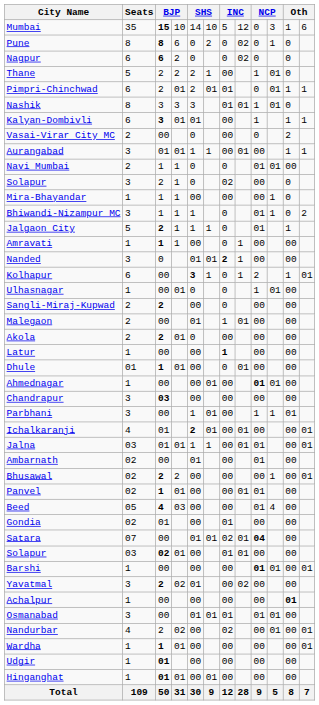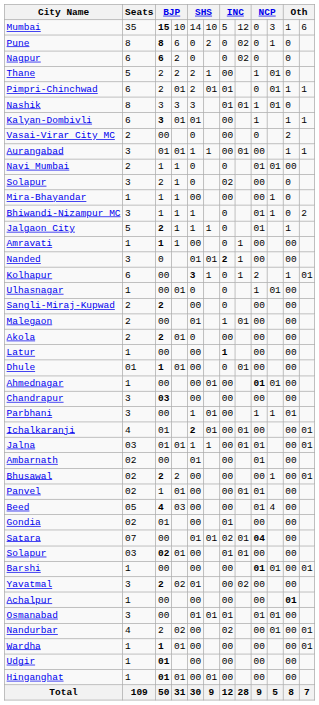 <table class="wikitable sortable">
 <tr>
 <th>City Name</th>
 <th>Seats</th>
 <th colspan="2"><a href='#'>BJP</a></th>
 <th colspan="2"><a href='#'>SHS</a></th>
 <th colspan="2"><a href='#'>INC</a></th>
 <th colspan="2"><a href='#'>NCP</a></th>
 <th colspan="2">Oth</th>
 </tr>
 <tr>
 <td><a href='#'>Mumbai</a></td>
 <td>35</td>
 <td><strong>15</strong></td>
 <td> 10</td>
 <td>14</td>
 <td> 10</td>
 <td>5</td>
 <td> 12</td>
 <td>0</td>
 <td> 3</td>
 <td>1</td>
 <td> 6</td>
 </tr>
 <tr>
 <td><a href='#'>Pune</a></td>
 <td>8</td>
 <td><strong>8</strong></td>
 <td> 6</td>
 <td>0</td>
 <td> 2</td>
 <td>0</td>
 <td> 02</td>
 <td>0</td>
 <td> 1</td>
 <td>0</td>
 <td></td>
 </tr>
 <tr>
 <td><a href='#'>Nagpur</a></td>
 <td>6</td>
 <td><strong>6</strong></td>
 <td> 2</td>
 <td>0</td>
 <td></td>
 <td>0</td>
 <td> 02</td>
 <td>0</td>
 <td></td>
 <td>0</td>
 <td></td>
 </tr>
 <tr>
 <td><a href='#'>Thane</a></td>
 <td>5</td>
 <td>2</td>
 <td> 2</td>
 <td>2</td>
 <td> 1</td>
 <td>00</td>
 <td></td>
 <td>1</td>
 <td> 01</td>
 <td>0</td>
 <td></td>
 </tr>
 <tr>
 <td><a href='#'>Pimpri-Chinchwad</a></td>
 <td>6</td>
 <td>2</td>
 <td> 01</td>
 <td>2</td>
 <td> 01</td>
 <td>01</td>
 <td></td>
 <td>0</td>
 <td> 01</td>
 <td>1</td>
 <td> 1</td>
 </tr>
 <tr>
 <td><a href='#'>Nashik</a></td>
 <td>8</td>
 <td>3</td>
 <td> 3</td>
 <td>3</td>
 <td></td>
 <td>01</td>
 <td> 01</td>
 <td>1</td>
 <td> 01</td>
 <td>0</td>
 <td></td>
 </tr>
 <tr>
 <td><a href='#'>Kalyan-Dombivli</a></td>
 <td>6</td>
 <td><strong>3</strong></td>
 <td> 01</td>
 <td>01</td>
 <td></td>
 <td>00</td>
 <td></td>
 <td>1</td>
 <td></td>
 <td>1</td>
 <td> 1</td>
 </tr>
 <tr>
 <td><a href='#'>Vasai-Virar City MC</a></td>
 <td>2</td>
 <td>00</td>
 <td></td>
 <td>0</td>
 <td></td>
 <td>00</td>
 <td></td>
 <td>0</td>
 <td></td>
 <td>2</td>
 <td></td>
 </tr>
 <tr>
 <td><a href='#'>Aurangabad</a></td>
 <td>3</td>
 <td>01</td>
 <td> 01</td>
 <td>1</td>
 <td> 1</td>
 <td>00</td>
 <td> 01</td>
 <td>00</td>
 <td></td>
 <td>1</td>
 <td> 1</td>
 </tr>
 <tr>
 <td><a href='#'>Navi Mumbai</a></td>
 <td>2</td>
 <td>1</td>
 <td> 1</td>
 <td>0</td>
 <td></td>
 <td>0</td>
 <td></td>
 <td>01</td>
 <td> 01</td>
 <td>00</td>
 <td></td>
 </tr>
 <tr>
 <td><a href='#'>Solapur</a></td>
 <td>3</td>
 <td>2</td>
 <td> 1</td>
 <td>0</td>
 <td></td>
 <td>02</td>
 <td></td>
 <td>00</td>
 <td></td>
 <td>0</td>
 <td></td>
 </tr>
 <tr>
 <td><a href='#'>Mira-Bhayandar</a></td>
 <td>1</td>
 <td>1</td>
 <td> 1</td>
 <td>00</td>
 <td></td>
 <td>00</td>
 <td></td>
 <td>00</td>
 <td> 1</td>
 <td>0</td>
 <td></td>
 </tr>
 <tr>
 <td><a href='#'>Bhiwandi-Nizampur MC</a></td>
 <td>3</td>
 <td>1</td>
 <td> 1</td>
 <td>1</td>
 <td></td>
 <td>0</td>
 <td></td>
 <td>01</td>
 <td> 1</td>
 <td>0</td>
 <td> 2</td>
 </tr>
 <tr>
 <td><a href='#'>Jalgaon City</a></td>
 <td>5</td>
 <td><strong>2</strong></td>
 <td> 1</td>
 <td>1</td>
 <td> 1</td>
 <td>0</td>
 <td></td>
 <td>01</td>
 <td></td>
 <td>1</td>
 <td></td>
 </tr>
 <tr>
 <td><a href='#'>Amravati</a></td>
 <td>1</td>
 <td><strong>1</strong></td>
 <td> 1</td>
 <td>00</td>
 <td></td>
 <td>0</td>
 <td> 1</td>
 <td>00</td>
 <td></td>
 <td>00</td>
 <td></td>
 </tr>
 <tr>
 <td><a href='#'>Nanded</a></td>
 <td>3</td>
 <td>0</td>
 <td></td>
 <td>01</td>
 <td> 01</td>
 <td><strong>2</strong></td>
 <td> 1</td>
 <td>00</td>
 <td></td>
 <td>00</td>
 <td></td>
 </tr>
 <tr>
 <td><a href='#'>Kolhapur</a></td>
 <td>6</td>
 <td>00</td>
 <td></td>
 <td><strong>3</strong></td>
 <td> 1</td>
 <td>0</td>
 <td> 1</td>
 <td>2</td>
 <td></td>
 <td>1</td>
 <td> 01</td>
 </tr>
 <tr>
 <td><a href='#'>Ulhasnagar</a></td>
 <td>1</td>
 <td>00</td>
 <td> 01</td>
 <td>0</td>
 <td></td>
 <td>0</td>
 <td></td>
 <td>1</td>
 <td> 01</td>
 <td>00</td>
 <td></td>
 </tr>
 <tr>
 <td><a href='#'>Sangli-Miraj-Kupwad</a></td>
 <td>2</td>
 <td><strong>2</strong></td>
 <td></td>
 <td>00</td>
 <td></td>
 <td>0</td>
 <td></td>
 <td>00</td>
 <td></td>
 <td>00</td>
 <td></td>
 </tr>
 <tr>
 <td><a href='#'>Malegaon</a></td>
 <td>2</td>
 <td>00</td>
 <td></td>
 <td>01</td>
 <td></td>
 <td>1</td>
 <td> 01</td>
 <td>00</td>
 <td></td>
 <td>00</td>
 <td></td>
 </tr>
 <tr>
 <td><a href='#'>Akola</a></td>
 <td>2</td>
 <td><strong>2</strong></td>
 <td> 01</td>
 <td>0</td>
 <td></td>
 <td>00</td>
 <td></td>
 <td>00</td>
 <td></td>
 <td>00</td>
 <td></td>
 </tr>
 <tr>
 <td><a href='#'>Latur</a></td>
 <td>1</td>
 <td>00</td>
 <td></td>
 <td>00</td>
 <td></td>
 <td><strong>1</strong></td>
 <td></td>
 <td>00</td>
 <td></td>
 <td>00</td>
 <td></td>
 </tr>
 <tr>
 <td><a href='#'>Dhule</a></td>
 <td>01</td>
 <td><strong>1</strong></td>
 <td> 01</td>
 <td>00</td>
 <td></td>
 <td>0</td>
 <td> 01</td>
 <td>00</td>
 <td></td>
 <td>00</td>
 <td></td>
 </tr>
 <tr>
 <td><a href='#'>Ahmednagar</a></td>
 <td>1</td>
 <td>00</td>
 <td></td>
 <td>00</td>
 <td> 01</td>
 <td>00</td>
 <td></td>
 <td><strong>01</strong></td>
 <td> 01</td>
 <td>00</td>
 <td></td>
 </tr>
 <tr>
 <td><a href='#'>Chandrapur</a></td>
 <td>3</td>
 <td><strong>03</strong></td>
 <td></td>
 <td>00</td>
 <td></td>
 <td>00</td>
 <td></td>
 <td>00</td>
 <td></td>
 <td>00</td>
 <td></td>
 </tr>
 <tr>
 <td><a href='#'>Parbhani</a></td>
 <td>3</td>
 <td>00</td>
 <td></td>
 <td>1</td>
 <td> 01</td>
 <td>00</td>
 <td></td>
 <td>1</td>
 <td> 1</td>
 <td>01</td>
 <td></td>
 </tr>
 <tr>
 <td><a href='#'>Ichalkaranji</a></td>
 <td>4</td>
 <td>01</td>
 <td></td>
 <td><strong>2</strong></td>
 <td> 01</td>
 <td>00</td>
 <td> 01</td>
 <td>00</td>
 <td></td>
 <td>00</td>
 <td> 01</td>
 </tr>
 <tr>
 <td><a href='#'>Jalna</a></td>
 <td>03</td>
 <td>01</td>
 <td> 01</td>
 <td>1</td>
 <td> 1</td>
 <td>00</td>
 <td> 01</td>
 <td>01</td>
 <td></td>
 <td>00</td>
 <td> 01</td>
 </tr>
 <tr>
 <td><a href='#'>Ambarnath</a></td>
 <td>02</td>
 <td>00</td>
 <td></td>
 <td>01</td>
 <td></td>
 <td>00</td>
 <td></td>
 <td>01</td>
 <td></td>
 <td>00</td>
 <td></td>
 </tr>
 <tr>
 <td><a href='#'>Bhusawal</a></td>
 <td>02</td>
 <td><strong>2</strong></td>
 <td> 2</td>
 <td>00</td>
 <td></td>
 <td>00</td>
 <td></td>
 <td>00</td>
 <td> 1</td>
 <td>00</td>
 <td> 01</td>
 </tr>
 <tr>
 <td><a href='#'>Panvel</a></td>
 <td>02</td>
-<td><strong>1</strong></td>
+<td>1</td>
 <td> 01</td>
 <td>00</td>
 <td></td>
 <td>00</td>
 <td> 01</td>
 <td>01</td>
 <td></td>
 <td>00</td>
 <td></td>
 </tr>
 <tr>
 <td><a href='#'>Beed</a></td>
 <td>05</td>
 <td><strong>4</strong></td>
 <td> 03</td>
 <td>00</td>
 <td></td>
 <td>00</td>
 <td></td>
 <td>01</td>
 <td> 4</td>
 <td>00</td>
 <td></td>
 </tr>
 <tr>
 <td><a href='#'>Gondia</a></td>
 <td>02</td>
 <td>01</td>
 <td></td>
 <td>00</td>
 <td></td>
 <td>01</td>
 <td></td>
 <td>00</td>
 <td></td>
 <td>00</td>
 <td></td>
 </tr>
 <tr>
 <td><a href='#'>Satara</a></td>
 <td>07</td>
 <td>00</td>
 <td></td>
 <td>01</td>
 <td> 01</td>
 <td>02</td>
 <td> 01</td>
 <td><strong>04</strong></td>
 <td></td>
 <td>00</td>
 <td></td>
 </tr>
 <tr>
 <td><a href='#'>Solapur</a></td>
 <td>03</td>
 <td><strong>02</strong></td>
 <td> 01</td>
 <td>00</td>
 <td></td>
 <td>01</td>
 <td> 01</td>
 <td>00</td>
 <td></td>
 <td>00</td>
 <td></td>
 </tr>
 <tr>
 <td><a href='#'>Barshi</a></td>
 <td>1</td>
 <td>00</td>
 <td></td>
 <td>00</td>
 <td></td>
 <td>00</td>
 <td></td>
 <td><strong>01</strong></td>
 <td> 01</td>
 <td>00</td>
 <td> 01</td>
 </tr>
 <tr>
 <td><a href='#'>Yavatmal</a></td>
 <td>3</td>
 <td><strong>2</strong></td>
 <td> 02</td>
 <td>01</td>
 <td></td>
 <td>00</td>
 <td> 02</td>
 <td>00</td>
 <td></td>
 <td>00</td>
 <td></td>
 </tr>
 <tr>
 <td><a href='#'>Achalpur</a></td>
 <td>1</td>
 <td>00</td>
 <td></td>
 <td>00</td>
 <td></td>
 <td>00</td>
 <td></td>
 <td>00</td>
 <td></td>
 <td><strong>01</strong></td>
 <td></td>
 </tr>
 <tr>
 <td><a href='#'>Osmanabad</a></td>
 <td>3</td>
 <td>00</td>
 <td></td>
 <td>01</td>
 <td> 01</td>
 <td>01</td>
 <td></td>
 <td>01</td>
 <td> 01</td>
 <td>00</td>
 <td></td>
 </tr>
 <tr>
 <td><a href='#'>Nandurbar</a></td>
 <td>4</td>
 <td>2</td>
 <td> 02</td>
 <td>00</td>
 <td></td>
 <td>02</td>
 <td></td>
 <td>00</td>
 <td> 01</td>
 <td>00</td>
 <td> 01</td>
 </tr>
 <tr>
 <td><a href='#'>Wardha</a></td>
 <td>1</td>
 <td><strong>1</strong></td>
 <td> 01</td>
 <td>00</td>
 <td></td>
 <td>00</td>
 <td></td>
 <td>00</td>
 <td></td>
 <td>00</td>
 <td> 01</td>
 </tr>
 <tr>
 <td><a href='#'>Udgir</a></td>
 <td>1</td>
 <td><strong>01</strong></td>
 <td></td>
 <td>00</td>
 <td></td>
 <td>00</td>
 <td></td>
 <td>00</td>
 <td></td>
 <td>00</td>
 <td></td>
 </tr>
 <tr>
 <td><a href='#'>Hinganghat</a></td>
 <td>1</td>
 <td><strong>01</strong></td>
 <td> 01</td>
 <td>00</td>
 <td> 01</td>
 <td>00</td>
 <td></td>
 <td>00</td>
 <td></td>
 <td>00</td>
 <td></td>
 </tr>
 <tr>
 <th>Total</th>
 <th>109</th>
 <th>50</th>
 <th> 31</th>
 <th>30</th>
 <th> 9</th>
 <th>12</th>
 <th> 28</th>
 <th>9</th>
 <th> 5</th>
 <th>8</th>
 <th> 7</th>
 </tr>
 </table>
